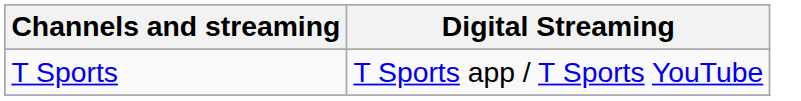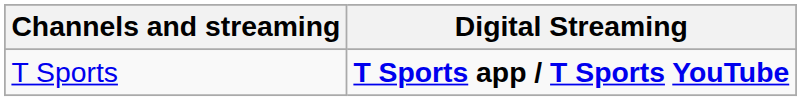 <table class="wikitable">
 <tr>
 <th>Channels and streaming</th>
 <th>Digital Streaming</th>
 </tr>
 <tr>
 <td><a href='#'>T Sports</a></td>
-<td><a href='#'>T Sports</a> app / <a href='#'>T Sports</a> <a href='#'>YouTube</a></td>
+<td><strong><a href='#'>T Sports</a> app / <a href='#'>T Sports</a> <a href='#'>YouTube</a></strong></td>
 </tr>
 </table>
